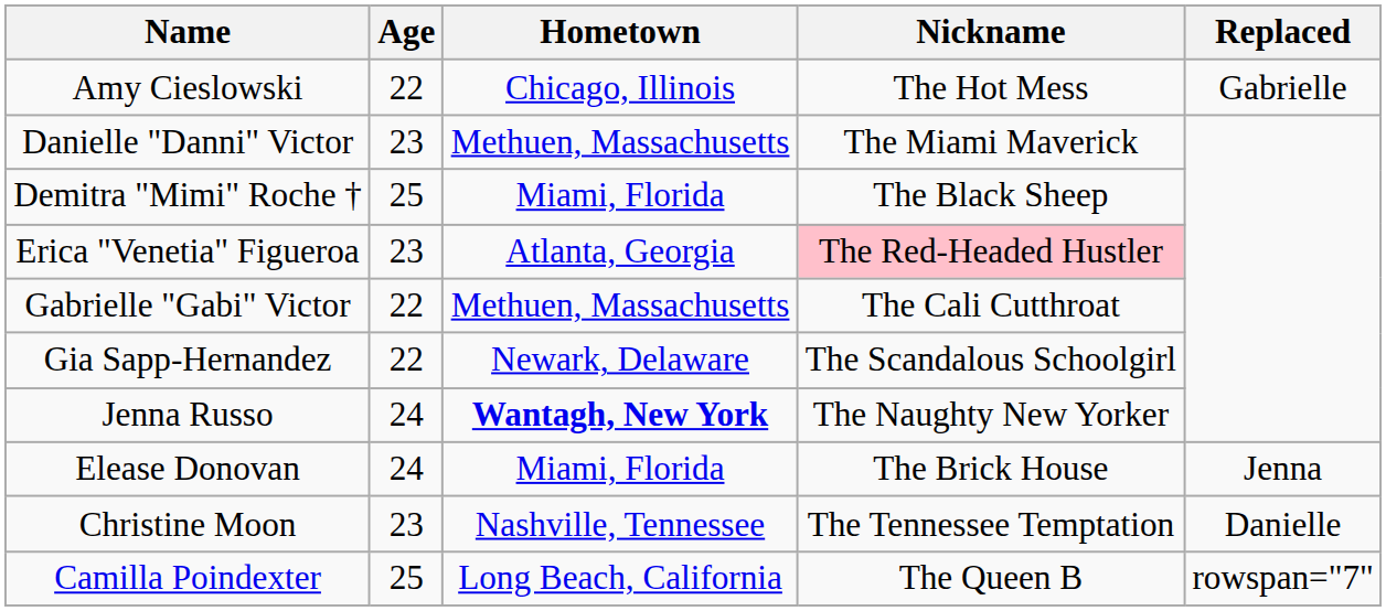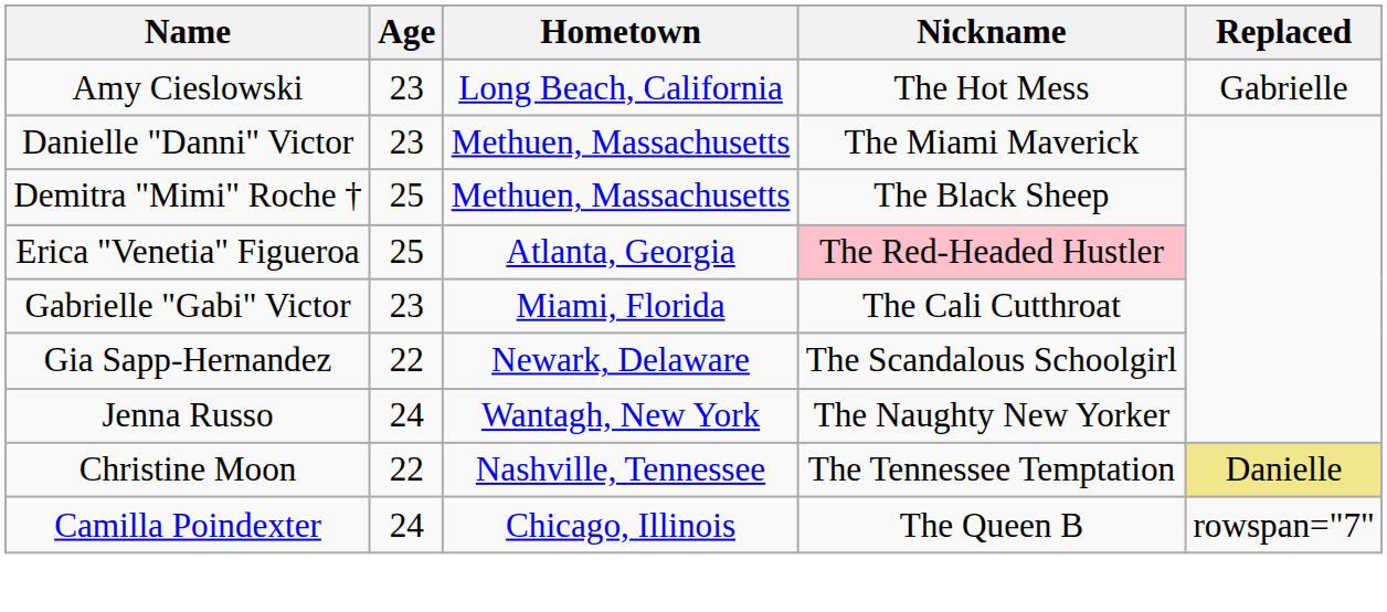 <table class="wikitable sortable plainrowheaders" style="text-align:center;">
 <tr>
 <th scope="col">Name</th>
 <th scope="col">Age</th>
 <th scope="col">Hometown</th>
 <th scope="col">Nickname</th>
 <th scope="col">Replaced</th>
 </tr>
 <tr>
 <td scope="row">Amy Cieslowski</td>
-<td>22</td>
-<td><a href='#'>Chicago, Illinois</a></td>
+<td>23</td>
+<td><a href='#'>Long Beach, California</a></td>
 <td>The Hot Mess</td>
 <td>Gabrielle</td>
 </tr>
 <tr>
 <td scope="row">Danielle "Danni" Victor</td>
 <td>23</td>
 <td><a href='#'>Methuen, Massachusetts</a></td>
 <td>The Miami Maverick</td>
 </tr>
 <tr>
 <td scope="row">Demitra "Mimi" Roche †</td>
 <td>25</td>
-<td><a href='#'>Miami, Florida</a></td>
+<td><a href='#'>Methuen, Massachusetts</a></td>
 <td>The Black Sheep</td>
 </tr>
 <tr>
 <td scope="row">Erica "Venetia" Figueroa</td>
-<td>23</td>
+<td>25</td>
 <td><a href='#'>Atlanta, Georgia</a></td>
 <td style="background: pink;">The Red-Headed Hustler</td>
 </tr>
 <tr>
 <td scope="row">Gabrielle "Gabi" Victor</td>
-<td>22</td>
-<td><a href='#'>Methuen, Massachusetts</a></td>
+<td>23</td>
+<td><a href='#'>Miami, Florida</a></td>
 <td>The Cali Cutthroat</td>
 </tr>
 <tr>
 <td scope="row">Gia Sapp-Hernandez</td>
 <td>22</td>
 <td><a href='#'>Newark, Delaware</a></td>
 <td>The Scandalous Schoolgirl</td>
 </tr>
 <tr>
 <td scope="row">Jenna Russo</td>
 <td>24</td>
-<td><strong><a href='#'>Wantagh, New York</a></strong></td>
+<td><a href='#'>Wantagh, New York</a></td>
 <td>The Naughty New Yorker</td>
 </tr>
 <tr>
-<td scope="row">Elease Donovan</td>
-<td>24</td>
-<td><a href='#'>Miami, Florida</a></td>
-<td>The Brick House</td>
-<td>Jenna</td>
-</tr>
-<tr>
 <td scope="row">Christine Moon</td>
-<td>23</td>
+<td>22</td>
 <td><a href='#'>Nashville, Tennessee</a></td>
 <td>The Tennessee Temptation</td>
-<td>Danielle</td>
+<td style="background: khaki;">Danielle</td>
 </tr>
 <tr>
 <td scope="row"><a href='#'>Camilla Poindexter</a></td>
-<td>25</td>
-<td><a href='#'>Long Beach, California</a></td>
+<td>24</td>
+<td><a href='#'>Chicago, Illinois</a></td>
 <td>The Queen B</td>
 <td>rowspan="7" </td>
 </tr>
 </table>
